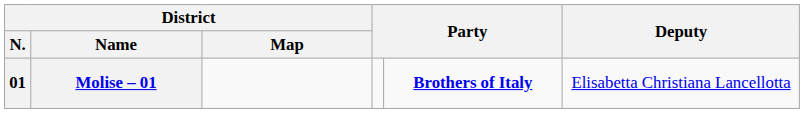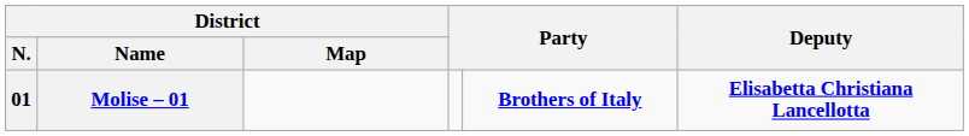 <table class="wikitable" style="text-align:center; style="width=60%">
 <tr>
 <th width=35% colspan="3">District</th>
 <th width=20% colspan="2" rowspan="2">Party</th>
 <th width=25% rowspan="2">Deputy</th>
 </tr>
 <tr>
 <th width=1%>N.</th>
 <th width=18%>Name</th>
 <th width=18%>Map</th>
 </tr>
 <tr style="height:3em;">
 <th rowspan="1">01</th>
 <th rowspan="1"><a href='#'>Molise – 01</a></th>
 <td rowspan="1"></td>
 <td style="background:"></td>
 <td><strong><a href='#'>Brothers of Italy</a></strong></td>
-<td><a href='#'>Elisabetta Christiana Lancellotta</a></td>
+<td><strong><a href='#'>Elisabetta Christiana Lancellotta</a></strong></td>
 </tr>
 </table>
